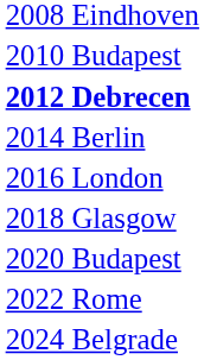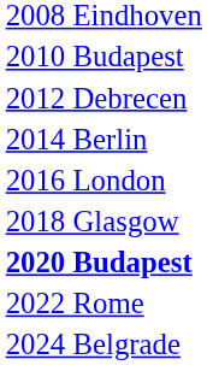 <table>
 <tr>
 <td><a href='#'>2008 Eindhoven</a></td>
 <td></td>
 <td></td>
 <td></td>
 </tr>
 <tr>
 <td><a href='#'>2010 Budapest</a></td>
 <td></td>
 <td></td>
 <td></td>
 </tr>
 <tr>
-<td><strong><a href='#'>2012 Debrecen</a></strong></td>
+<td><a href='#'>2012 Debrecen</a></td>
 <td></td>
 <td></td>
 <td></td>
 </tr>
 <tr>
 <td><a href='#'>2014 Berlin</a></td>
 <td></td>
 <td></td>
 <td></td>
 </tr>
 <tr>
 <td><a href='#'>2016 London</a></td>
 <td></td>
 <td></td>
 <td></td>
 </tr>
 <tr>
 <td><a href='#'>2018 Glasgow</a></td>
 <td></td>
 <td></td>
 <td></td>
 </tr>
 <tr>
-<td><a href='#'>2020 Budapest</a></td>
+<td><strong><a href='#'>2020 Budapest</a></strong></td>
 <td></td>
 <td></td>
 <td></td>
 </tr>
 <tr>
 <td><a href='#'>2022 Rome</a></td>
 <td></td>
 <td></td>
 <td></td>
 </tr>
 <tr>
 <td><a href='#'>2024 Belgrade</a></td>
 <td></td>
 <td></td>
 <td></td>
 </tr>
 </table>
